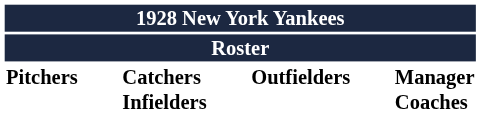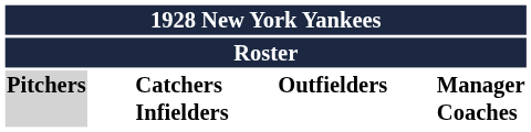 <table class="toccolours" style="font-size: 95%;">
 <tr>
 <th colspan="10" style="background-color: #1c2841; color: white; text-align: center;">1928 New York Yankees</th>
 </tr>
 <tr>
 <td colspan="10" style="background-color: #1c2841; color: white; text-align: center;"><strong>Roster</strong></td>
 </tr>
 <tr>
-<td valign="top"><strong>Pitchers</strong><br>            </td>
+<td valign="top" style="background: lightgrey;"><strong>Pitchers</strong><br>            </td>
 <td width="25px"></td>
 <td valign="top"><strong>Catchers</strong><br>    <strong>Infielders</strong>        </td>
 <td width="25px"></td>
 <td valign="top"><strong>Outfielders</strong><br>    </td>
 <td width="25px"></td>
 <td valign="top"><strong>Manager</strong><br> <strong>Coaches</strong>  </td>
 </tr>
 </table>
